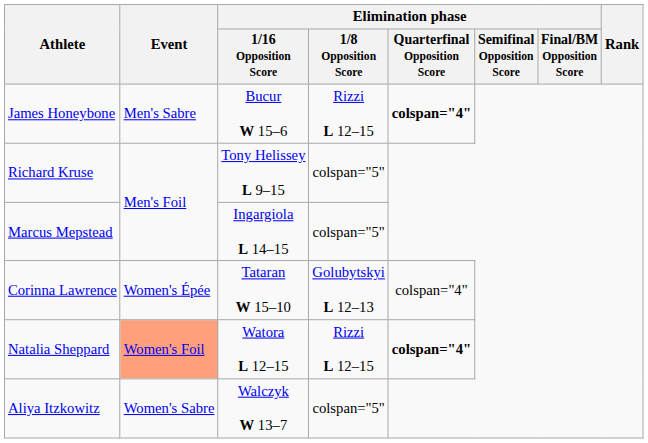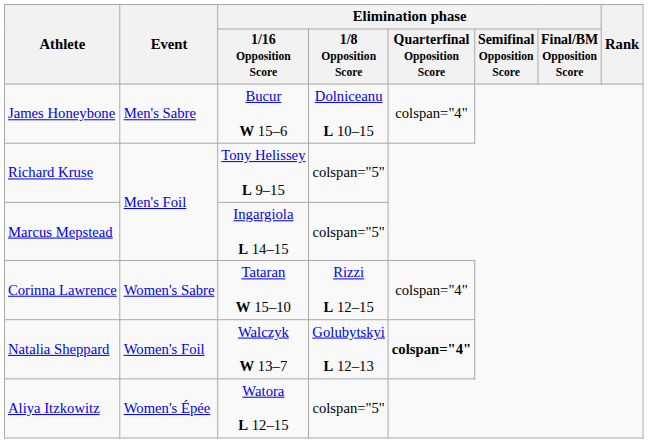 <table class="wikitable" style="font-size:90%">
 <tr>
 <th rowspan="2">Athlete</th>
 <th rowspan="2">Event</th>
 <th colspan="5">Elimination phase</th>
 <th rowspan="2">Rank</th>
 </tr>
 <tr style="font-size:95%">
 <th>1/16<br><small>Opposition <br> Score</small></th>
 <th>1/8<br><small>Opposition <br> Score</small></th>
 <th>Quarterfinal<br><small>Opposition <br> Score</small></th>
 <th>Semifinal<br><small>Opposition <br> Score</small></th>
 <th>Final/BM<br><small>Opposition <br> Score</small></th>
 </tr>
 <tr align=center>
 <td align=left><a href='#'>James Honeybone</a></td>
 <td align=left><a href='#'>Men's Sabre</a></td>
 <td><a href='#'>Bucur</a><br><br> <strong>W</strong> 15–6</td>
-<td><a href='#'>Rizzi</a> <br><br> <strong>L</strong> 12–15</td>
-<td><strong>colspan="4" </strong></td>
+<td><a href='#'>Dolniceanu</a> <br><br><strong>L</strong> 10–15</td>
+<td>colspan="4" </td>
 </tr>
 <tr align=center>
 <td align=left><a href='#'>Richard Kruse</a></td>
 <td rowspan="2" align=left><a href='#'>Men's Foil</a></td>
 <td><a href='#'>Tony Helissey</a><br><br> <strong>L</strong> 9–15</td>
 <td>colspan="5" </td>
 </tr>
 <tr align=center>
 <td align=left><a href='#'>Marcus Mepstead</a></td>
 <td><a href='#'>Ingargiola</a><br><br> <strong>L</strong> 14–15</td>
 <td>colspan="5" </td>
 </tr>
 <tr align=center>
 <td align=left><a href='#'>Corinna Lawrence</a></td>
-<td align=left><a href='#'>Women's Épée</a></td>
+<td align=left><a href='#'>Women's Sabre</a></td>
 <td><a href='#'>Tataran</a><br><br> <strong>W</strong> 15–10</td>
-<td><a href='#'>Golubytskyi</a> <br><br> <strong>L</strong> 12–13</td>
+<td><a href='#'>Rizzi</a> <br><br> <strong>L</strong> 12–15</td>
 <td>colspan="4" </td>
 </tr>
 <tr align=center>
 <td align=left><a href='#'>Natalia Sheppard</a></td>
-<td align=left style="background: lightsalmon;"><a href='#'>Women's Foil</a></td>
-<td><a href='#'>Watora</a><br><br> <strong>L</strong> 12–15</td>
-<td><a href='#'>Rizzi</a> <br><br> <strong>L</strong> 12–15</td>
+<td align=left><a href='#'>Women's Foil</a></td>
+<td><a href='#'>Walczyk</a><br><br> <strong>W</strong> 13–7</td>
+<td><a href='#'>Golubytskyi</a> <br><br> <strong>L</strong> 12–13</td>
 <td><strong>colspan="4" </strong></td>
 </tr>
 <tr align=center>
 <td align=left><a href='#'>Aliya Itzkowitz</a></td>
-<td align=left><a href='#'>Women's Sabre</a></td>
-<td><a href='#'>Walczyk</a><br><br> <strong>W</strong> 13–7</td>
+<td align=left><a href='#'>Women's Épée</a></td>
+<td><a href='#'>Watora</a><br><br> <strong>L</strong> 12–15</td>
 <td>colspan="5" </td>
 </tr>
 </table>
